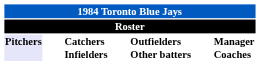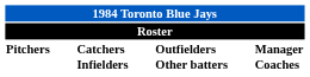 <table class="toccolours" style="font-size: 95%;">
 <tr>
 <th colspan="10" style="background-color: #005ac0; color: #FFFFFF; text-align: center;">1984 Toronto Blue Jays</th>
 </tr>
 <tr>
 <td colspan="10" style="background-color: black; color: white; text-align: center;"><strong>Roster</strong></td>
 </tr>
 <tr>
-<td valign="top" style="background: lavender;"><strong>Pitchers</strong><br>           </td>
+<td valign="top"><strong>Pitchers</strong><br>           </td>
 <td width="25px"></td>
 <td valign="top"><strong>Catchers</strong><br>    <strong>Infielders</strong>        </td>
 <td width="25px"></td>
 <td valign="top"><strong>Outfielders</strong><br>       <strong>Other batters</strong>  </td>
 <td width="25px"></td>
 <td valign="top"><strong>Manager</strong><br> <strong>Coaches</strong>     </td>
 </tr>
 </table>
